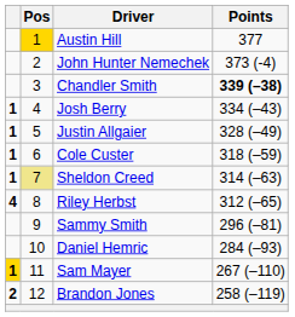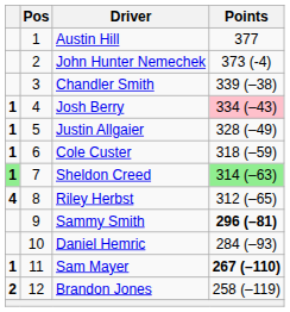 <table class="wikitable" style="font-size: 95%;">
 <tr>
 <th></th>
 <th>Pos</th>
 <th>Driver</th>
 <th>Points</th>
 </tr>
 <tr>
 <td align="left"></td>
-<td style="background: gold; text-align:center;">1</td>
+<td style="text-align:center;">1</td>
 <td><a href='#'>Austin Hill</a></td>
 <td style="text-align:center;">377</td>
 </tr>
 <tr>
 <td align="left"></td>
 <td style="text-align:center;">2</td>
 <td><a href='#'>John Hunter Nemechek</a></td>
 <td style="text-align:center;">373 (-4)</td>
 </tr>
 <tr>
 <td align="left"></td>
 <td style="text-align:center;">3</td>
 <td><a href='#'>Chandler Smith</a></td>
-<td style="text-align:center;"><strong>339 (–38)</strong></td>
+<td style="text-align:center;">339 (–38)</td>
 </tr>
 <tr>
 <td align="left"> <strong>1</strong></td>
 <td style="text-align:center;">4</td>
 <td><a href='#'>Josh Berry</a></td>
-<td style="text-align:center;">334 (–43)</td>
+<td style="background: pink; text-align:center;">334 (–43)</td>
 </tr>
 <tr>
 <td align="left"> <strong>1</strong></td>
 <td style="text-align:center;">5</td>
 <td><a href='#'>Justin Allgaier</a></td>
 <td style="text-align:center;">328 (–49)</td>
 </tr>
 <tr>
 <td align="left"> <strong>1</strong></td>
 <td style="text-align:center;">6</td>
 <td><a href='#'>Cole Custer</a></td>
 <td style="text-align:center;">318 (–59)</td>
 </tr>
 <tr>
-<td align="left"> <strong>1</strong></td>
-<td style="background: khaki; text-align:center;">7</td>
+<td align="left" style="background: lightgreen;"> <strong>1</strong></td>
+<td style="text-align:center;">7</td>
 <td><a href='#'>Sheldon Creed</a></td>
-<td style="text-align:center;">314 (–63)</td>
+<td style="background: lightgreen; text-align:center;">314 (–63)</td>
 </tr>
 <tr>
 <td align="left"> <strong>4</strong></td>
 <td style="text-align:center;">8</td>
 <td><a href='#'>Riley Herbst</a></td>
 <td style="text-align:center;">312 (–65)</td>
 </tr>
 <tr>
 <td align="left"></td>
 <td style="text-align:center;">9</td>
 <td><a href='#'>Sammy Smith</a></td>
-<td style="text-align:center;">296 (–81)</td>
+<td style="text-align:center;"><strong>296 (–81)</strong></td>
 </tr>
 <tr>
 <td align="left"></td>
 <td style="text-align:center;">10</td>
 <td><a href='#'>Daniel Hemric</a></td>
 <td style="text-align:center;">284 (–93)</td>
 </tr>
 <tr>
-<td align="left" style="background: gold;"> <strong>1</strong></td>
+<td align="left"> <strong>1</strong></td>
 <td style="text-align:center;">11</td>
 <td><a href='#'>Sam Mayer</a></td>
-<td style="text-align:center;">267 (–110)</td>
+<td style="text-align:center;"><strong>267 (–110)</strong></td>
 </tr>
 <tr>
 <td align="left"> <strong>2</strong></td>
 <td style="text-align:center;">12</td>
 <td><a href='#'>Brandon Jones</a></td>
 <td style="text-align:center;">258 (–119)</td>
 </tr>
 <tr class="sortbottom">
 <th colspan="9"></th>
 </tr>
 </table>
